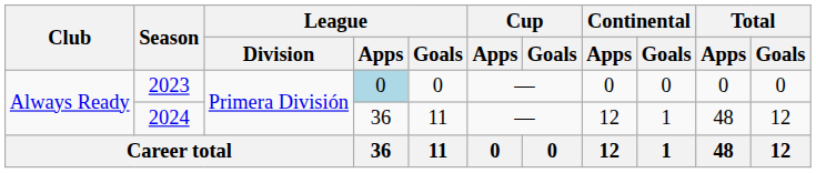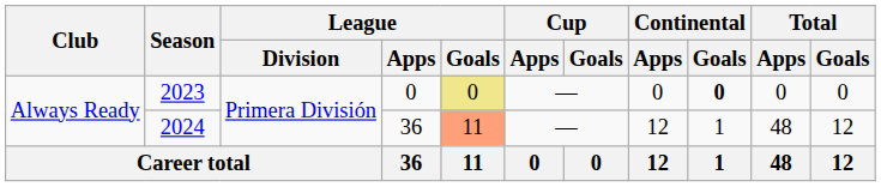 <table class="wikitable" style="text-align: center">
 <tr>
 <th rowspan="2">Club</th>
 <th rowspan="2">Season</th>
 <th colspan="3">League</th>
 <th colspan="2">Cup</th>
 <th colspan="2">Continental</th>
 <th colspan="2">Total</th>
 </tr>
 <tr>
 <th>Division</th>
 <th>Apps</th>
 <th>Goals</th>
 <th>Apps</th>
 <th>Goals</th>
 <th>Apps</th>
 <th>Goals</th>
 <th>Apps</th>
 <th>Goals</th>
 </tr>
 <tr>
 <td rowspan="2"><a href='#'>Always Ready</a></td>
 <td><a href='#'>2023</a></td>
 <td rowspan="2"><a href='#'>Primera División</a></td>
-<td style="background: lightblue;">0</td>
 <td>0</td>
+<td style="background: khaki;">0</td>
 <td colspan="2">—</td>
 <td>0</td>
-<td>0</td>
+<td><strong>0</strong></td>
 <td>0</td>
 <td>0</td>
 </tr>
 <tr>
 <td><a href='#'>2024</a></td>
 <td>36</td>
-<td>11</td>
+<td style="background: lightsalmon;">11</td>
 <td colspan="2">—</td>
 <td>12</td>
 <td>1</td>
 <td>48</td>
 <td>12</td>
 </tr>
 <tr>
 <th colspan="3"><strong>Career total</strong></th>
 <th>36</th>
 <th>11</th>
 <th>0</th>
 <th>0</th>
 <th>12</th>
 <th>1</th>
 <th>48</th>
 <th>12</th>
 </tr>
 </table>
